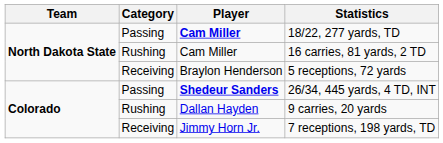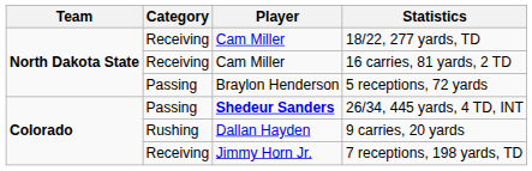 <table class="wikitable" style="float: right;">
 <tr>
 <th>Team</th>
 <th>Category</th>
 <th>Player</th>
 <th>Statistics</th>
 </tr>
 <tr>
 <td rowspan=3><strong>North Dakota State</strong></td>
-<td>Passing</td>
-<td><strong><a href='#'>Cam Miller</a></strong></td>
+<td>Receiving</td>
+<td><a href='#'>Cam Miller</a></td>
 <td>18/22, 277 yards, TD</td>
 </tr>
 <tr>
-<td>Rushing</td>
+<td>Receiving</td>
 <td>Cam Miller</td>
 <td>16 carries, 81 yards, 2 TD</td>
 </tr>
 <tr>
-<td>Receiving</td>
+<td>Passing</td>
 <td>Braylon Henderson</td>
 <td>5 receptions, 72 yards</td>
 </tr>
 <tr>
 <td rowspan=3><strong>Colorado</strong></td>
 <td>Passing</td>
 <td><strong><a href='#'>Shedeur Sanders</a></strong></td>
 <td>26/34, 445 yards, 4 TD, INT</td>
 </tr>
 <tr>
 <td>Rushing</td>
 <td><a href='#'>Dallan Hayden</a></td>
 <td>9 carries, 20 yards</td>
 </tr>
 <tr>
 <td>Receiving</td>
 <td><a href='#'>Jimmy Horn Jr.</a></td>
 <td>7 receptions, 198 yards, TD</td>
 </tr>
 </table>
